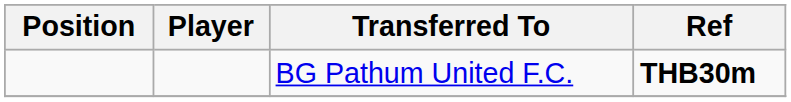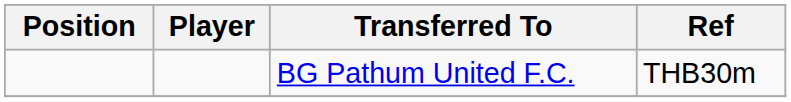 <table class="wikitable sortable" style="width:70%; text-align:center; font-size:100%; text-align:left;">
 <tr>
 <th>Position</th>
 <th>Player</th>
 <th>Transferred To</th>
 <th>Ref</th>
 </tr>
 <tr>
 <td></td>
 <td></td>
 <td> <a href='#'>BG Pathum United F.C.</a></td>
-<td><strong>THB30m  </strong></td>
+<td>THB30m  </td>
 </tr>
 <tr>
 </tr>
 </table>
